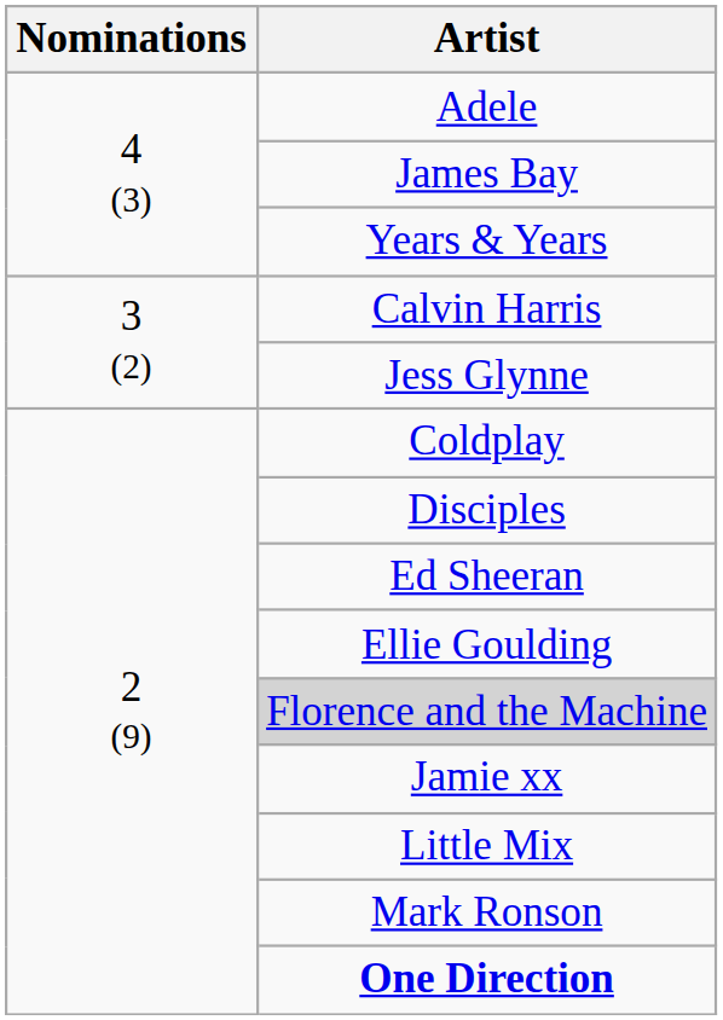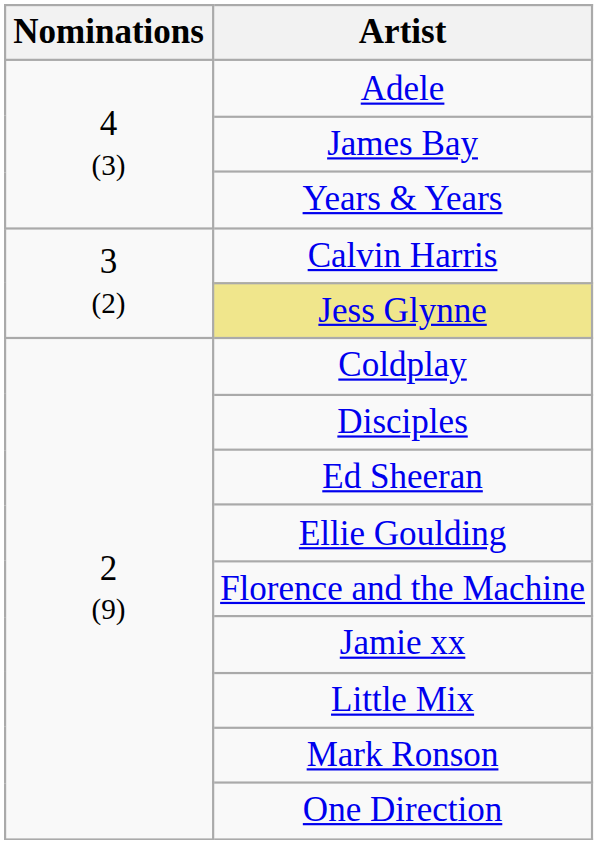 <table class="wikitable" rowspan="2" style="text-align:center;">
 <tr>
 <th scope="col" style="width:55px;">Nominations</th>
 <th scope="col" style="text-align:center;">Artist</th>
 </tr>
 <tr>
 <td rowspan="3">4<br><small>(3)</small></td>
 <td><a href='#'>Adele</a></td>
 </tr>
 <tr>
 <td><a href='#'>James Bay</a></td>
 </tr>
 <tr>
 <td><a href='#'>Years & Years</a></td>
 </tr>
 <tr>
 <td rowspan="2">3<br><small>(2)</small></td>
 <td><a href='#'>Calvin Harris</a></td>
 </tr>
 <tr>
-<td><a href='#'>Jess Glynne</a></td>
+<td style="background: khaki;"><a href='#'>Jess Glynne</a></td>
 </tr>
 <tr>
 <td rowspan="9">2<br><small>(9)</small></td>
 <td><a href='#'>Coldplay</a></td>
 </tr>
 <tr>
 <td><a href='#'>Disciples</a></td>
 </tr>
 <tr>
 <td><a href='#'>Ed Sheeran</a></td>
 </tr>
 <tr>
 <td><a href='#'>Ellie Goulding</a></td>
 </tr>
 <tr>
-<td style="background: lightgrey;"><a href='#'>Florence and the Machine</a></td>
+<td><a href='#'>Florence and the Machine</a></td>
 </tr>
 <tr>
 <td><a href='#'>Jamie xx</a></td>
 </tr>
 <tr>
 <td><a href='#'>Little Mix</a></td>
 </tr>
 <tr>
 <td><a href='#'>Mark Ronson</a></td>
 </tr>
 <tr>
-<td><strong><a href='#'>One Direction</a></strong></td>
+<td><a href='#'>One Direction</a></td>
 </tr>
 </table>
